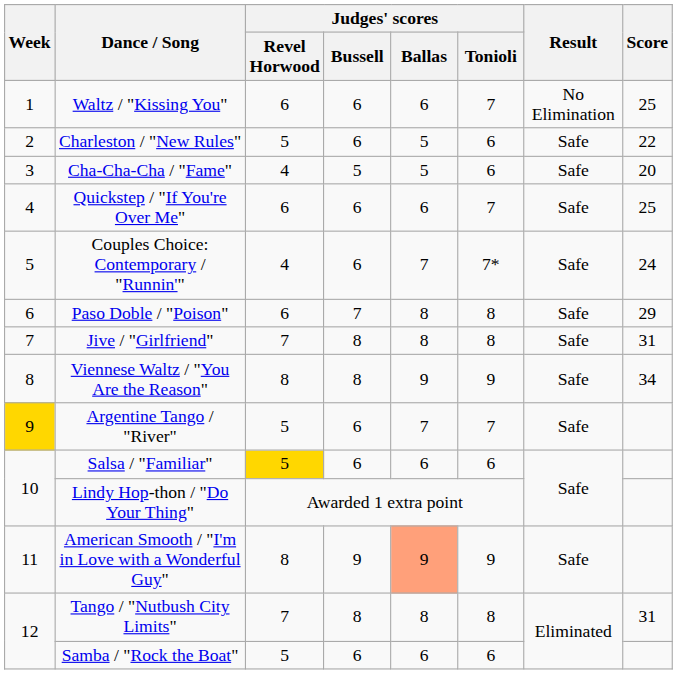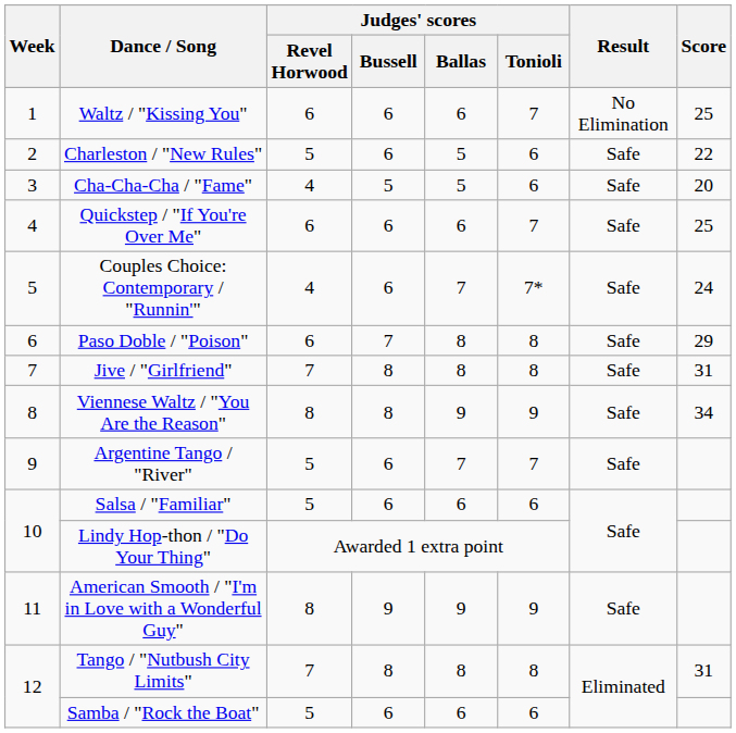 <table class="wikitable collapsible collapsed">
 <tr style="text-align:center; background:#ccc;">
 <th rowspan="2">Week </th>
 <th rowspan="2">Dance / Song</th>
 <th colspan="4">Judges' scores</th>
 <th rowspan="2">Result</th>
 <th rowspan="2">Score</th>
 </tr>
 <tr>
 <th style="width:10%;">Revel Horwood</th>
 <th style="width:10%;">Bussell</th>
 <th style="width:10%;">Ballas</th>
 <th style="width:10%;">Tonioli</th>
 </tr>
 <tr style="text-align: center;">
 <td>1</td>
 <td><a href='#'>Waltz</a> / "<a href='#'>Kissing You</a>"</td>
 <td>6</td>
 <td>6</td>
 <td>6</td>
 <td>7</td>
 <td>No Elimination</td>
 <td>25</td>
 </tr>
 <tr style="text-align: center;">
 <td>2</td>
 <td><a href='#'>Charleston</a> / "<a href='#'>New Rules</a>"</td>
 <td>5</td>
 <td>6</td>
 <td>5</td>
 <td>6</td>
 <td>Safe</td>
 <td>22</td>
 </tr>
 <tr style="text-align: center;">
 <td>3</td>
 <td><a href='#'>Cha-Cha-Cha</a>  / "<a href='#'>Fame</a>"</td>
 <td>4</td>
 <td>5</td>
 <td>5</td>
 <td>6</td>
 <td>Safe</td>
 <td>20</td>
 </tr>
 <tr style="text-align: center;">
 <td>4</td>
 <td><a href='#'>Quickstep</a>  / "<a href='#'>If You're Over Me</a>"</td>
 <td>6</td>
 <td>6</td>
 <td>6</td>
 <td>7</td>
 <td>Safe</td>
 <td>25</td>
 </tr>
 <tr style="text-align: center;">
 <td>5</td>
 <td>Couples Choice: <a href='#'>Contemporary</a>  / "<a href='#'>Runnin'</a>"</td>
 <td>4</td>
 <td>6</td>
 <td>7</td>
 <td>7*</td>
 <td>Safe</td>
 <td>24</td>
 </tr>
 <tr style="text-align: center;">
 <td>6</td>
 <td><a href='#'>Paso Doble</a> / "<a href='#'>Poison</a>"</td>
 <td>6</td>
 <td>7</td>
 <td>8</td>
 <td>8</td>
 <td>Safe</td>
 <td>29</td>
 </tr>
 <tr style="text-align: center;">
 <td>7</td>
 <td><a href='#'>Jive</a> / "<a href='#'>Girlfriend</a>"</td>
 <td>7</td>
 <td>8</td>
 <td>8</td>
 <td>8</td>
 <td>Safe</td>
 <td>31</td>
 </tr>
 <tr style="text-align: center;">
 <td>8</td>
 <td><a href='#'>Viennese Waltz</a> / "<a href='#'>You Are the Reason</a>"</td>
 <td>8</td>
 <td>8</td>
 <td>9</td>
 <td>9</td>
 <td>Safe</td>
 <td>34</td>
 </tr>
 <tr style="text-align: center;">
-<td style="background: gold;">9</td>
+<td>9</td>
 <td><a href='#'>Argentine Tango</a> / "River"</td>
 <td>5</td>
 <td>6</td>
 <td>7</td>
 <td>7</td>
 <td>Safe</td>
 <td></td>
 </tr>
 <tr style="text-align: center;">
 <td rowspan="2">10</td>
 <td><a href='#'>Salsa</a> / "<a href='#'>Familiar</a>"</td>
-<td style="background: gold;">5</td>
+<td>5</td>
 <td>6</td>
 <td>6</td>
 <td>6</td>
 <td rowspan="2">Safe</td>
 <td></td>
 </tr>
 <tr style="text-align: center;">
 <td><a href='#'>Lindy Hop</a>-thon / "<a href='#'>Do Your Thing</a>"</td>
 <td colspan="4">Awarded 1 extra point</td>
 <td></td>
 </tr>
 <tr style="text-align: center;">
 <td>11</td>
 <td><a href='#'>American Smooth</a> / "<a href='#'>I'm in Love with a Wonderful Guy</a>"</td>
 <td>8</td>
 <td>9</td>
-<td style="background: lightsalmon;">9</td>
+<td>9</td>
 <td>9</td>
 <td>Safe</td>
 <td></td>
 </tr>
 <tr style="text-align: center;">
 <td rowspan="2">12</td>
 <td><a href='#'>Tango</a> / "<a href='#'>Nutbush City Limits</a>"</td>
 <td>7</td>
 <td>8</td>
 <td>8</td>
 <td>8</td>
 <td rowspan="2">Eliminated</td>
 <td>31</td>
 </tr>
 <tr style="text-align: center;">
 <td><a href='#'>Samba</a> / "<a href='#'>Rock the Boat</a>"</td>
 <td>5</td>
 <td>6</td>
 <td>6</td>
 <td>6</td>
 <td></td>
 </tr>
 </table>
